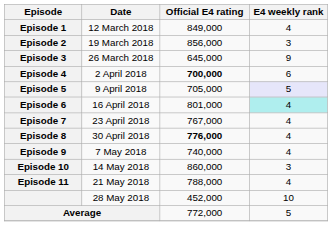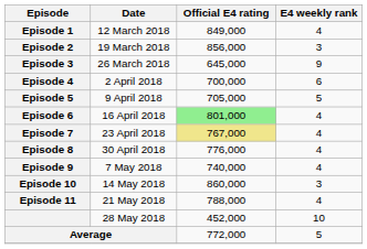 <table class="wikitable sortable" style="text-align:center">
 <tr>
 <th scope="col" style="width:120px;">Episode</th>
 <th scope="col" style="width:120px;">Date</th>
 <th scope="col" style="width:140px;">Official E4 rating</th>
 <th scope="col" style="width:120px;">E4 weekly rank</th>
 </tr>
 <tr>
 <th scope="row">Episode 1</th>
 <td>12 March 2018</td>
 <td>849,000</td>
 <td>4</td>
 </tr>
 <tr>
 <th scope="row">Episode 2</th>
 <td>19 March 2018</td>
 <td>856,000</td>
 <td>3</td>
 </tr>
 <tr>
 <th scope="row">Episode 3</th>
 <td>26 March 2018</td>
 <td>645,000</td>
 <td>9</td>
 </tr>
 <tr>
 <th scope="row">Episode 4</th>
 <td>2 April 2018</td>
-<td><strong>700,000</strong></td>
+<td>700,000</td>
 <td>6</td>
 </tr>
 <tr>
 <th scope="row">Episode 5</th>
 <td>9 April 2018</td>
 <td>705,000</td>
-<td style="background: lavender;">5</td>
+<td>5</td>
 </tr>
 <tr>
 <th scope="row">Episode 6</th>
 <td>16 April 2018</td>
-<td>801,000</td>
-<td style="background: paleturquoise;">4</td>
+<td style="background: lightgreen;">801,000</td>
+<td>4</td>
 </tr>
 <tr>
 <th scope="row">Episode 7</th>
 <td>23 April 2018</td>
-<td>767,000</td>
+<td style="background: khaki;">767,000</td>
 <td>4</td>
 </tr>
 <tr>
 <th scope="row">Episode 8</th>
 <td>30 April 2018</td>
-<td><strong>776,000</strong></td>
+<td>776,000</td>
 <td>4</td>
 </tr>
 <tr>
 <th scope="row">Episode 9</th>
 <td>7 May 2018</td>
 <td>740,000</td>
 <td>4</td>
 </tr>
 <tr>
 <th scope="row">Episode 10</th>
 <td>14 May 2018</td>
 <td>860,000</td>
 <td>3</td>
 </tr>
 <tr>
 <th scope="row">Episode 11</th>
 <td>21 May 2018</td>
 <td>788,000</td>
 <td>4</td>
 </tr>
 <tr>
 <th scope="row"></th>
 <td>28 May 2018</td>
 <td>452,000</td>
 <td>10</td>
 </tr>
 <tr>
 <th scope="row" colspan="2">Average</th>
 <td>772,000</td>
 <td>5</td>
 </tr>
 <tr>
 </tr>
 </table>
